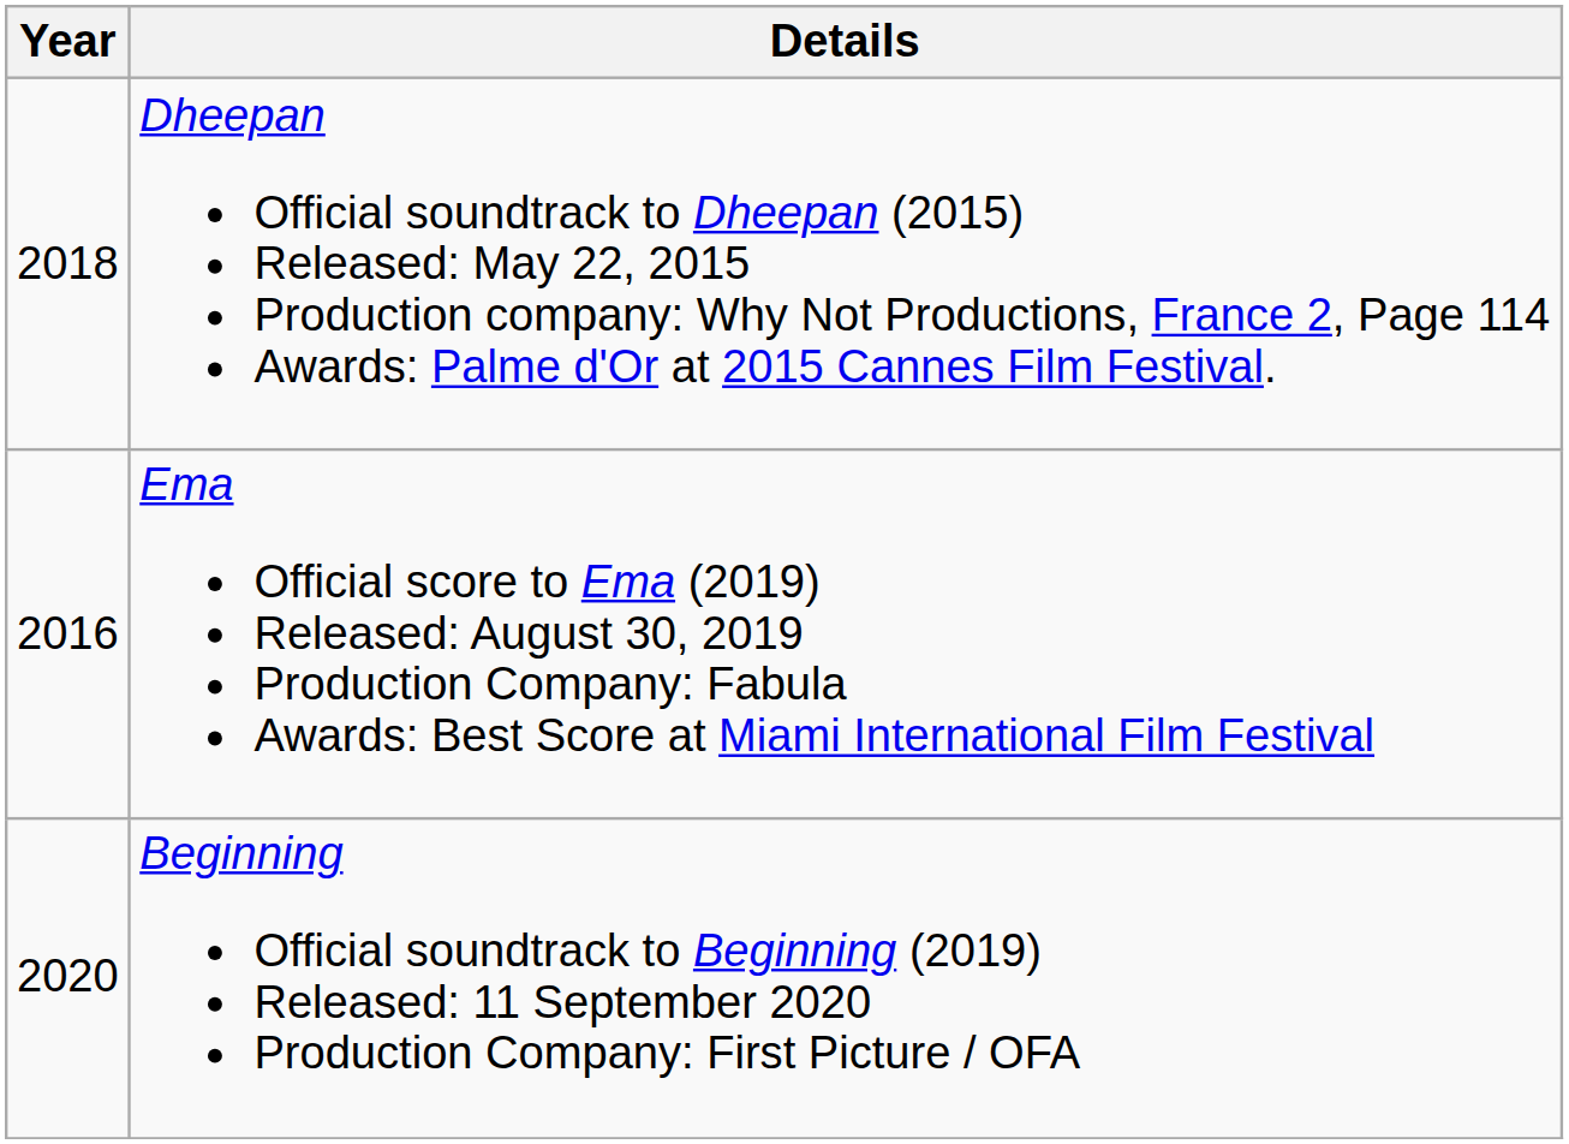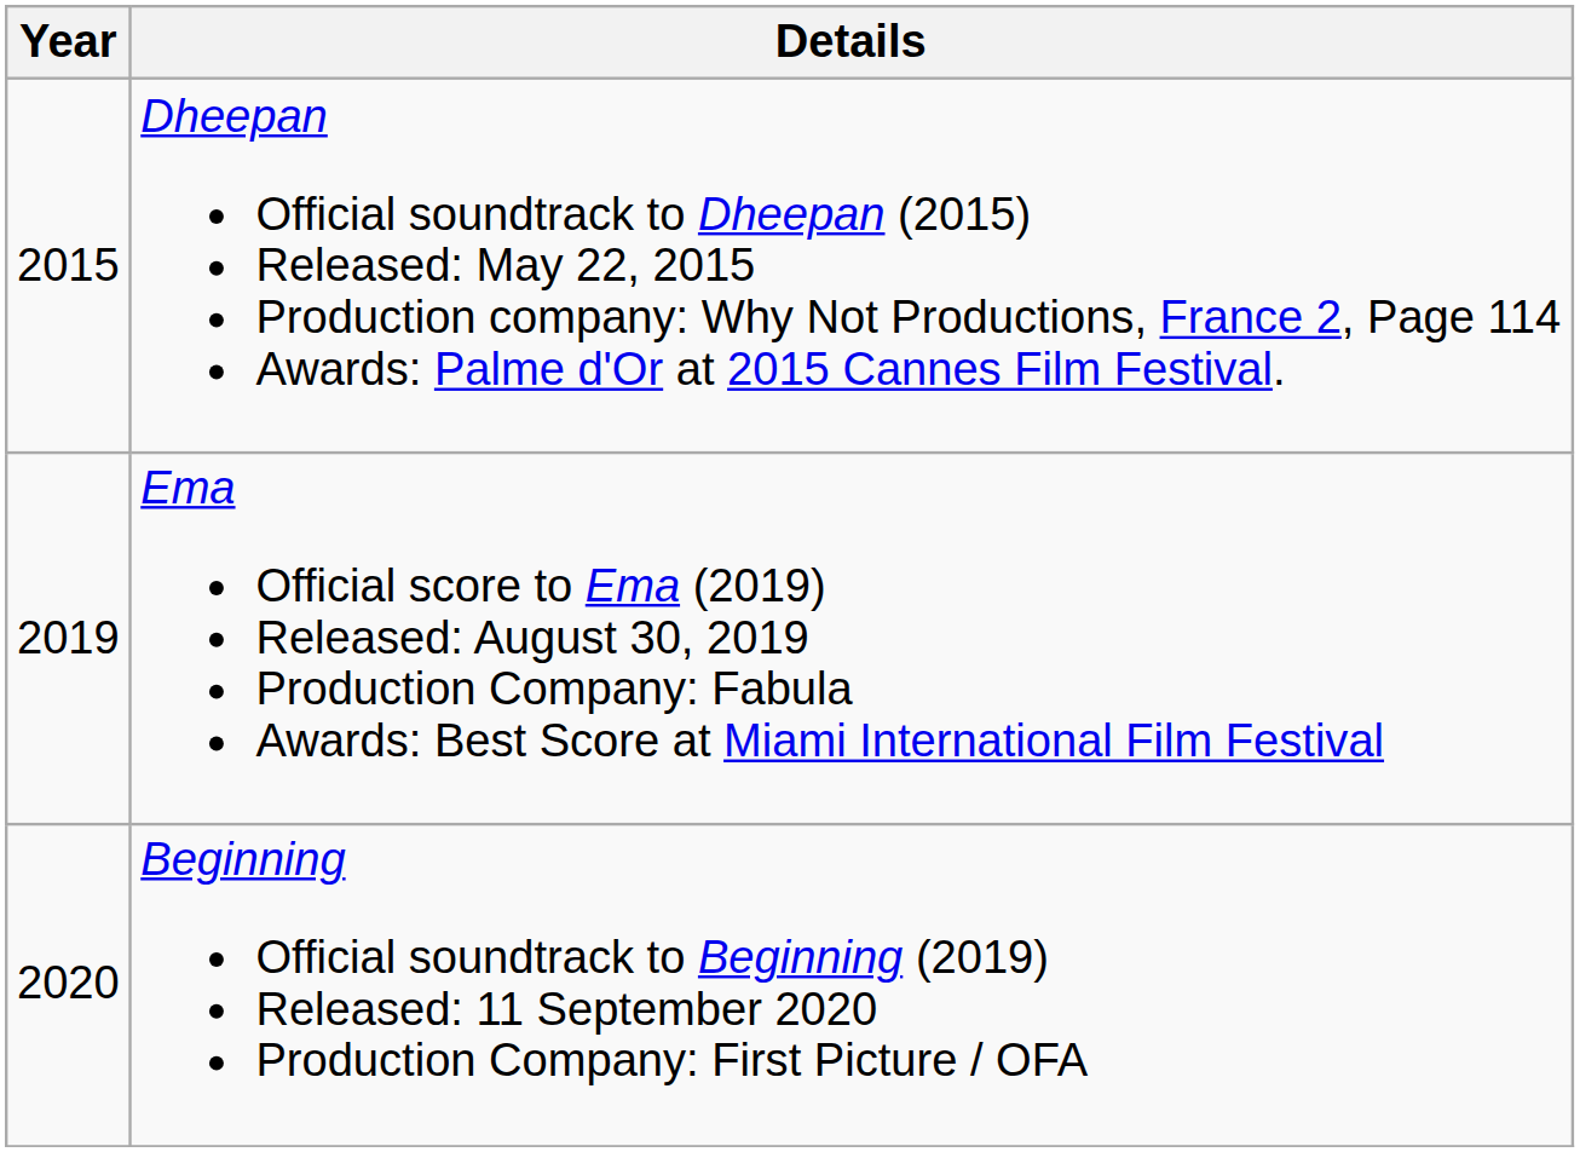 <table class="wikitable">
 <tr>
 <th>Year</th>
 <th>Details</th>
 </tr>
 <tr>
-<td>2018</td>
+<td>2015</td>
 <td><em><a href='#'>Dheepan</a></em><br><ul><li>Official soundtrack to <em><a href='#'>Dheepan</a></em> (2015)</li><li>Released: May 22, 2015</li><li>Production company: Why Not Productions, <a href='#'>France 2</a>, Page 114</li><li>Awards: <a href='#'>Palme d'Or</a> at <a href='#'>2015 Cannes Film Festival</a>.</li></ul></td>
 </tr>
 <tr>
-<td>2016</td>
+<td>2019</td>
 <td><em><a href='#'>Ema</a></em><br><ul><li>Official score to <em><a href='#'>Ema</a></em> (2019)</li><li>Released: August 30, 2019</li><li>Production Company: Fabula</li><li>Awards: Best Score at <a href='#'>Miami International Film Festival</a></li></ul></td>
 </tr>
 <tr>
 <td>2020</td>
 <td><em><a href='#'>Beginning</a></em><br><ul><li>Official soundtrack to <em><a href='#'>Beginning</a></em> (2019)</li><li>Released: 11 September 2020</li><li>Production Company: First Picture / OFA</li></ul></td>
 </tr>
 <tr>
 </tr>
 </table>
